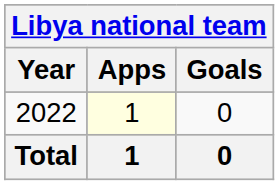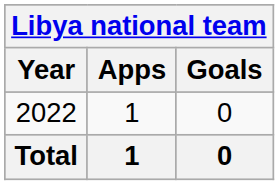 <table class="wikitable" style="text-align:center">
 <tr>
 <th colspan=3><a href='#'>Libya national team</a></th>
 </tr>
 <tr>
 <th>Year</th>
 <th>Apps</th>
 <th>Goals</th>
 </tr>
 <tr>
 <td>2022</td>
-<td style="background: lightyellow;">1</td>
+<td>1</td>
 <td>0</td>
 </tr>
 <tr>
 <th>Total</th>
 <th>1</th>
 <th>0</th>
 </tr>
 </table>
